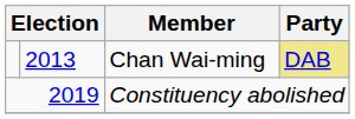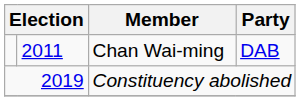 <table class="wikitable">
 <tr>
 <th colspan="2">Election</th>
 <th>Member</th>
 <th>Party</th>
 </tr>
 <tr>
 <td style="background-color:"></td>
-<td><a href='#'>2013</a></td>
+<td><a href='#'>2011</a></td>
 <td>Chan Wai-ming</td>
-<td style="background: khaki;"><a href='#'>DAB</a></td>
+<td><a href='#'>DAB</a></td>
 </tr>
 <tr>
 <td colspan=2 align=right><a href='#'>2019</a></td>
 <td colspan=2><em>Constituency abolished</em></td>
 </tr>
 <tr>
 </tr>
 </table>
